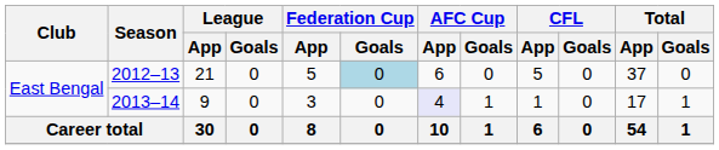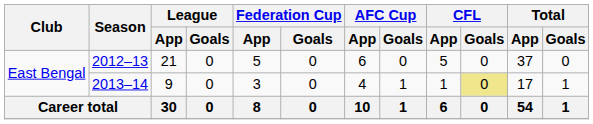 <table class="wikitable" style="text-align:center;">
 <tr>
 <th rowspan="2">Club</th>
 <th rowspan="2">Season</th>
 <th colspan="2">League</th>
 <th colspan="2"><a href='#'>Federation Cup</a></th>
 <th colspan="2"><a href='#'>AFC Cup</a></th>
 <th colspan="2"><a href='#'>CFL</a></th>
 <th colspan="2">Total</th>
 </tr>
 <tr>
 <th>App</th>
 <th>Goals</th>
 <th>App</th>
 <th>Goals</th>
 <th>App</th>
 <th>Goals</th>
 <th>App</th>
 <th>Goals</th>
 <th>App</th>
 <th>Goals</th>
 </tr>
 <tr>
 <td align=center rowspan="2"><a href='#'>East Bengal</a></td>
 <td><a href='#'>2012–13</a></td>
 <td>21</td>
 <td>0</td>
 <td>5</td>
-<td style="background: lightblue;">0</td>
+<td>0</td>
 <td>6</td>
 <td>0</td>
 <td>5</td>
 <td>0</td>
 <td>37</td>
 <td>0</td>
 </tr>
 <tr>
 <td><a href='#'>2013–14</a></td>
 <td>9</td>
 <td>0</td>
 <td>3</td>
 <td>0</td>
-<td style="background: lavender;">4</td>
+<td>4</td>
 <td>1</td>
 <td>1</td>
-<td>0</td>
+<td style="background: khaki;">0</td>
 <td>17</td>
 <td>1</td>
 </tr>
 <tr>
 <th colspan="2">Career total</th>
 <th>30</th>
 <th>0</th>
 <th>8</th>
 <th>0</th>
 <th>10</th>
 <th>1</th>
 <th>6</th>
 <th>0</th>
 <th>54</th>
 <th>1</th>
 </tr>
 <tr>
 </tr>
 </table>
